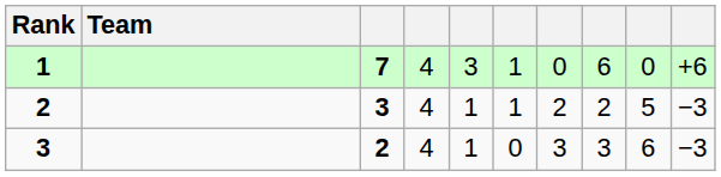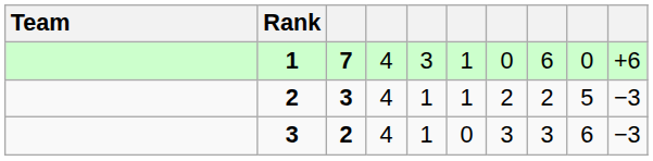 <table class="wikitable" style="text-align: center;">
 <tr>
+<th width=165 style="text-align:left;">Team</th>
 <th width=30>Rank</th>
-<th width=165 style="text-align:left;">Team</th>
 <th width=20></th>
 <th width=20></th>
 <th width=20></th>
 <th width=20></th>
 <th width=20></th>
 <th width=20></th>
 <th width=20></th>
 <th width=20></th>
 </tr>
 <tr style="background:#ccffcc;">
+<td style="text-align:left;"></td>
 <td><strong>1</strong></td>
-<td style="text-align:left;"></td>
 <td><strong>7</strong></td>
 <td>4</td>
 <td>3</td>
 <td>1</td>
 <td>0</td>
 <td>6</td>
 <td>0</td>
 <td>+6</td>
 </tr>
 <tr>
+<td style="text-align:left;"></td>
 <td><strong>2</strong></td>
-<td style="text-align:left;"></td>
 <td><strong>3</strong></td>
 <td>4</td>
 <td>1</td>
 <td>1</td>
 <td>2</td>
 <td>2</td>
 <td>5</td>
 <td>−3</td>
 </tr>
 <tr>
+<td style="text-align:left;"></td>
 <td><strong>3</strong></td>
-<td style="text-align:left;"></td>
 <td><strong>2</strong></td>
 <td>4</td>
 <td>1</td>
 <td>0</td>
 <td>3</td>
 <td>3</td>
 <td>6</td>
 <td>−3</td>
 </tr>
 </table>
